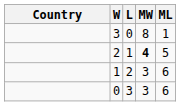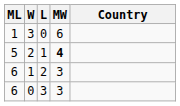 <table class="wikitable sortable" style="text-align:center">
 <tr>
-<th width=110>Country</th>
+<th>ML</th>
 <th>W</th>
 <th>L</th>
 <th>MW</th>
-<th>ML</th>
+<th width=110>Country</th>
 </tr>
 <tr>
-<td align=left><strong></strong></td>
+<td>1</td>
 <td>3</td>
 <td>0</td>
-<td>8</td>
-<td>1</td>
+<td>6</td>
+<td align=left><strong></strong></td>
 </tr>
 <tr>
-<td align=left></td>
+<td>5</td>
 <td>2</td>
 <td>1</td>
 <td><strong>4</strong></td>
-<td>5</td>
+<td align=left></td>
 </tr>
 <tr>
-<td align=left></td>
+<td>6</td>
 <td>1</td>
 <td>2</td>
 <td>3</td>
-<td>6</td>
+<td align=left></td>
 </tr>
 <tr>
-<td align=left></td>
+<td>6</td>
 <td>0</td>
 <td>3</td>
 <td>3</td>
-<td>6</td>
+<td align=left></td>
 </tr>
 </table>
